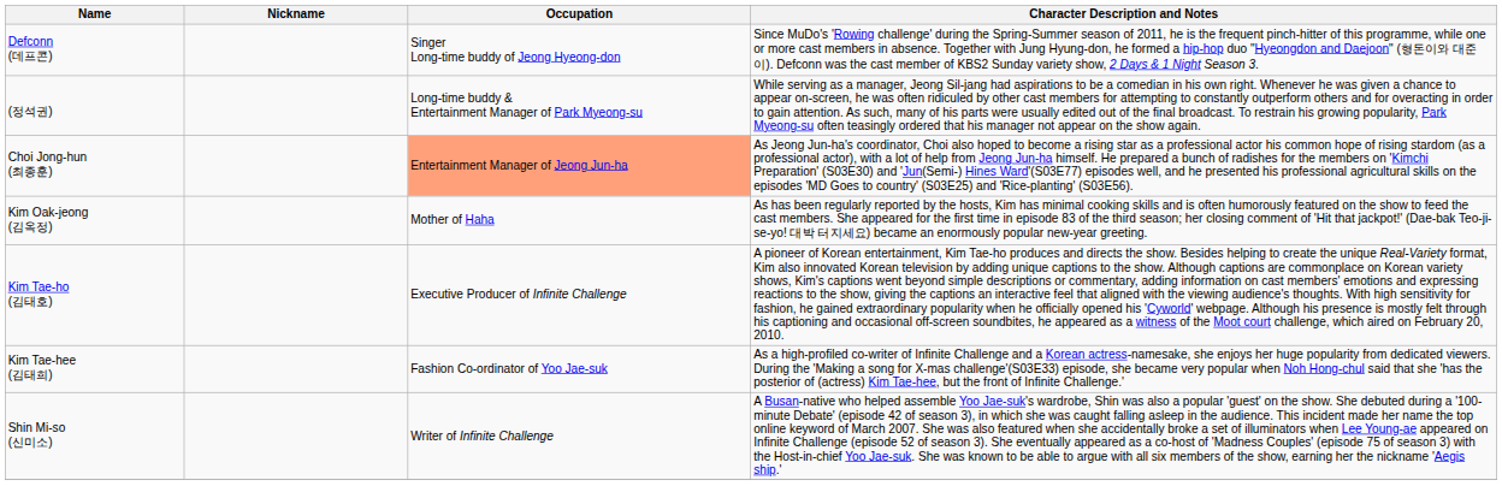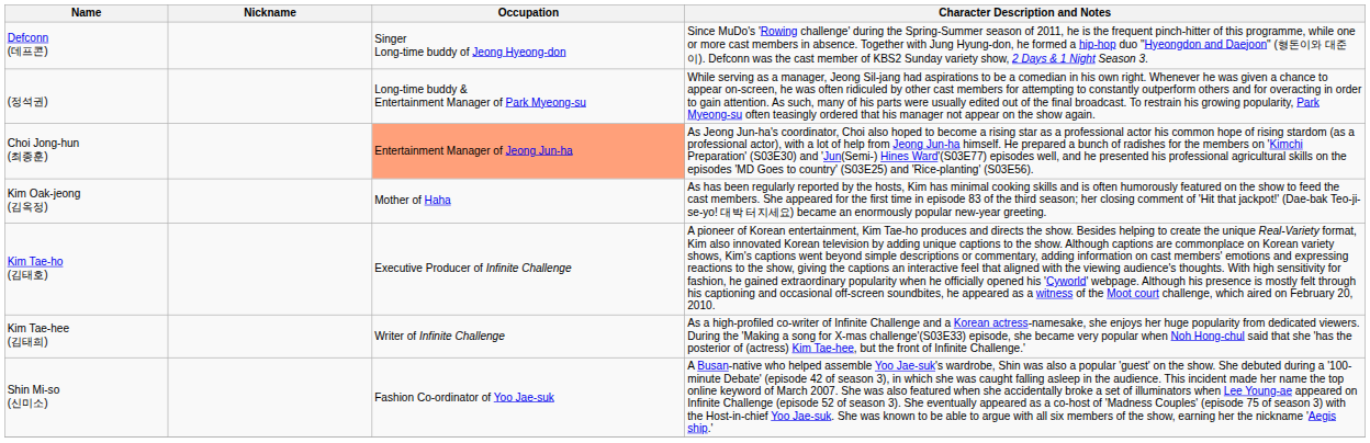 <table class="wikitable">
 <tr>
 <th style="width:12%;">Name</th>
 <th style="width:15%;">Nickname</th>
 <th style="width:23%;">Occupation</th>
 <th style="width:50%;">Character Description and Notes</th>
 </tr>
 <tr>
 <td><a href='#'>Defconn</a><br>(데프콘)</td>
 <td></td>
 <td>Singer<br>Long-time buddy of <a href='#'>Jeong Hyeong-don</a></td>
 <td>Since MuDo's '<a href='#'>Rowing</a> challenge' during the Spring-Summer season of 2011, he is the frequent pinch-hitter of this programme, while one or more cast members in absence. Together with Jung Hyung-don, he formed a <a href='#'>hip-hop</a> duo "<a href='#'>Hyeongdon and Daejoon</a>"  (형돈이와 대준이). Defconn was the cast member of KBS2 Sunday variety show, <em><a href='#'>2 Days & 1 Night</a> Season 3</em>.</td>
 </tr>
 <tr>
 <td><br>(정석권)</td>
 <td></td>
 <td>Long-time buddy &<br>Entertainment Manager of <a href='#'>Park Myeong-su</a></td>
 <td>While serving as a manager, Jeong Sil-jang had aspirations to be a comedian in his own right. Whenever he was given a chance to appear on-screen, he was often ridiculed by other cast members for attempting to constantly outperform others and for overacting in order to gain attention. As such, many of his parts were usually edited out of the final broadcast. To restrain his growing popularity, <a href='#'>Park Myeong-su</a> often teasingly ordered that his manager not appear on the show again.</td>
 </tr>
 <tr>
 <td>Choi Jong-hun<br>(최종훈)</td>
 <td></td>
 <td style="background: lightsalmon;">Entertainment Manager of <a href='#'>Jeong Jun-ha</a></td>
 <td>As Jeong Jun-ha's coordinator, Choi also hoped to become a rising star as a professional actor his common hope of rising stardom (as a professional actor), with a lot of help from <a href='#'>Jeong Jun-ha</a> himself. He prepared a bunch of radishes for the members on '<a href='#'>Kimchi</a> Preparation' (S03E30) and '<a href='#'>Jun</a>(Semi-) <a href='#'>Hines Ward</a>'(S03E77) episodes well, and he presented his professional agricultural skills on the episodes 'MD Goes to country' (S03E25) and 'Rice-planting' (S03E56).</td>
 </tr>
 <tr>
 <td>Kim Oak-jeong<br>(김옥정)</td>
 <td></td>
 <td>Mother of <a href='#'>Haha</a></td>
 <td>As has been regularly reported by the hosts, Kim has minimal cooking skills and is often humorously featured on the show to feed the cast members. She appeared for the first time in episode 83 of the third season; her closing comment of 'Hit that jackpot!' (Dae-bak Teo-ji-se-yo! 대박 터지세요) became an enormously popular new-year greeting.</td>
 </tr>
 <tr>
 <td><a href='#'>Kim Tae-ho</a><br>(김태호)</td>
 <td></td>
 <td>Executive Producer of <em>Infinite Challenge</em></td>
 <td>A pioneer of Korean entertainment, Kim Tae-ho produces and directs the show. Besides helping to create the unique <em>Real-Variety</em> format, Kim also innovated Korean television by adding unique captions to the show. Although captions are commonplace on Korean variety shows, Kim's captions went beyond simple descriptions or commentary, adding information on cast members' emotions and expressing reactions to the show, giving the captions an interactive feel that aligned with the viewing audience's thoughts. With high sensitivity for fashion, he gained extraordinary popularity when he officially opened his '<a href='#'>Cyworld</a>' webpage. Although his presence is mostly felt through his captioning and occasional off-screen soundbites, he appeared as a <a href='#'>witness</a> of the <a href='#'>Moot court</a> challenge, which aired on February 20, 2010.</td>
 </tr>
 <tr>
 <td>Kim Tae-hee<br>(김태희)</td>
 <td></td>
-<td>Fashion Co-ordinator of <a href='#'>Yoo Jae-suk</a></td>
+<td>Writer of <em>Infinite Challenge</em></td>
 <td>As a high-profiled co-writer of Infinite Challenge and a <a href='#'>Korean actress</a>-namesake, she enjoys her huge popularity from dedicated viewers. During the 'Making a song for X-mas challenge'(S03E33) episode, she became very popular when <a href='#'>Noh Hong-chul</a> said that she 'has the posterior of (actress) <a href='#'>Kim Tae-hee</a>, but the front of Infinite Challenge.'</td>
 </tr>
 <tr>
 <td>Shin Mi-so<br>(신미소)</td>
 <td></td>
-<td>Writer of <em>Infinite Challenge</em></td>
+<td>Fashion Co-ordinator of <a href='#'>Yoo Jae-suk</a></td>
 <td>A <a href='#'>Busan</a>-native who helped assemble <a href='#'>Yoo Jae-suk</a>'s wardrobe, Shin was also a popular 'guest' on the show. She debuted during a '100-minute Debate' (episode 42 of season 3), in which she was caught falling asleep in the audience. This incident made her name the top online keyword of March 2007. She was also featured when she accidentally broke a set of illuminators when <a href='#'>Lee Young-ae</a> appeared on Infinite Challenge (episode 52 of season 3). She eventually appeared as a co-host of 'Madness Couples' (episode 75 of season 3) with the Host-in-chief <a href='#'>Yoo Jae-suk</a>. She was known to be able to argue with all six members of the show, earning her the nickname '<a href='#'>Aegis ship</a>.'</td>
 </tr>
 <tr>
 </tr>
 </table>
